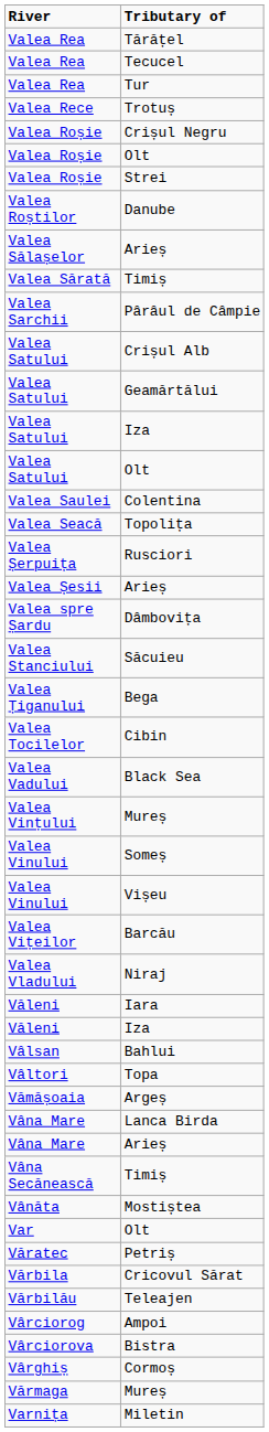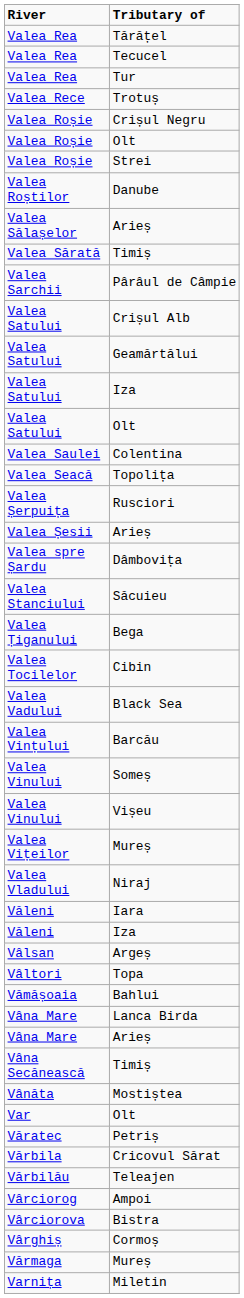 <table class="wikitable">
 <tr>
 <td width="100pt"><strong>River</strong></td>
 <td width="125pt"><strong>Tributary of</strong></td>
 </tr>
 <tr>
 <td><a href='#'>Valea Rea</a></td>
 <td>Tărățel</td>
 </tr>
 <tr>
 <td><a href='#'>Valea Rea</a></td>
 <td>Tecucel</td>
 </tr>
 <tr>
 <td><a href='#'>Valea Rea</a></td>
 <td>Tur</td>
 </tr>
 <tr>
 <td><a href='#'>Valea Rece</a></td>
 <td>Trotuș</td>
 </tr>
 <tr>
 <td><a href='#'>Valea Roșie</a></td>
 <td>Crișul Negru</td>
 </tr>
 <tr>
 <td><a href='#'>Valea Roșie</a></td>
 <td>Olt</td>
 </tr>
 <tr>
 <td><a href='#'>Valea Roșie</a></td>
 <td>Strei</td>
 </tr>
 <tr>
 <td><a href='#'>Valea Roștilor</a></td>
 <td>Danube</td>
 </tr>
 <tr>
 <td><a href='#'>Valea Sălașelor</a></td>
 <td>Arieș</td>
 </tr>
 <tr>
 <td><a href='#'>Valea Sărată</a></td>
 <td>Timiș</td>
 </tr>
 <tr>
 <td><a href='#'>Valea Sarchii</a></td>
 <td>Pârâul de Câmpie</td>
 </tr>
 <tr>
 <td><a href='#'>Valea Satului</a></td>
 <td>Crișul Alb</td>
 </tr>
 <tr>
 <td><a href='#'>Valea Satului</a></td>
 <td>Geamărtălui</td>
 </tr>
 <tr>
 <td><a href='#'>Valea Satului</a></td>
 <td>Iza</td>
 </tr>
 <tr>
 <td><a href='#'>Valea Satului</a></td>
 <td>Olt</td>
 </tr>
 <tr>
 <td><a href='#'>Valea Saulei</a></td>
 <td>Colentina</td>
 </tr>
 <tr>
 <td><a href='#'>Valea Seacă</a></td>
 <td>Topolița</td>
 </tr>
 <tr>
 <td><a href='#'>Valea Șerpuița</a></td>
 <td>Rusciori</td>
 </tr>
 <tr>
 <td><a href='#'>Valea Șesii</a></td>
 <td>Arieș</td>
 </tr>
 <tr>
 <td><a href='#'>Valea spre Șardu</a></td>
 <td>Dâmbovița</td>
 </tr>
 <tr>
 <td><a href='#'>Valea Stanciului</a></td>
 <td>Săcuieu</td>
 </tr>
 <tr>
 <td><a href='#'>Valea Țiganului</a></td>
 <td>Bega</td>
 </tr>
 <tr>
 <td><a href='#'>Valea Tocilelor</a></td>
 <td>Cibin</td>
 </tr>
 <tr>
 <td><a href='#'>Valea Vadului</a></td>
 <td>Black Sea</td>
 </tr>
 <tr>
 <td><a href='#'>Valea Vințului</a></td>
-<td>Mureș</td>
+<td>Barcău</td>
 </tr>
 <tr>
 <td><a href='#'>Valea Vinului</a></td>
 <td>Someș</td>
 </tr>
 <tr>
 <td><a href='#'>Valea Vinului</a></td>
 <td>Vișeu</td>
 </tr>
 <tr>
 <td><a href='#'>Valea Vițeilor</a></td>
-<td>Barcău</td>
+<td>Mureș</td>
 </tr>
 <tr>
 <td><a href='#'>Valea Vladului</a></td>
 <td>Niraj</td>
 </tr>
 <tr>
 <td><a href='#'>Văleni</a></td>
 <td>Iara</td>
 </tr>
 <tr>
 <td><a href='#'>Văleni</a></td>
 <td>Iza</td>
 </tr>
 <tr>
 <td><a href='#'>Vâlsan</a></td>
-<td>Bahlui</td>
+<td>Argeș</td>
 </tr>
 <tr>
 <td><a href='#'>Vâltori</a></td>
 <td>Topa</td>
 </tr>
 <tr>
 <td><a href='#'>Vămășoaia</a></td>
-<td>Argeș</td>
+<td>Bahlui</td>
 </tr>
 <tr>
 <td><a href='#'>Vâna Mare</a></td>
 <td>Lanca Birda</td>
 </tr>
 <tr>
 <td><a href='#'>Vâna Mare</a></td>
 <td>Arieș</td>
 </tr>
 <tr>
 <td><a href='#'>Vâna Secănească</a></td>
 <td>Timiș</td>
 </tr>
 <tr>
 <td><a href='#'>Vânăta</a></td>
 <td>Mostiștea</td>
 </tr>
 <tr>
 <td><a href='#'>Var</a></td>
 <td>Olt</td>
 </tr>
 <tr>
 <td><a href='#'>Văratec</a></td>
 <td>Petriș</td>
 </tr>
 <tr>
 <td><a href='#'>Vărbila</a></td>
 <td>Cricovul Sărat</td>
 </tr>
 <tr>
 <td><a href='#'>Vărbilău</a></td>
 <td>Teleajen</td>
 </tr>
 <tr>
 <td><a href='#'>Vârciorog</a></td>
 <td>Ampoi</td>
 </tr>
 <tr>
 <td><a href='#'>Vârciorova</a></td>
 <td>Bistra</td>
 </tr>
 <tr>
 <td><a href='#'>Vârghiș</a></td>
 <td>Cormoș</td>
 </tr>
 <tr>
 <td><a href='#'>Vărmaga</a></td>
 <td>Mureș</td>
 </tr>
 <tr>
 <td><a href='#'>Varnița</a></td>
 <td>Miletin</td>
 </tr>
 </table>
